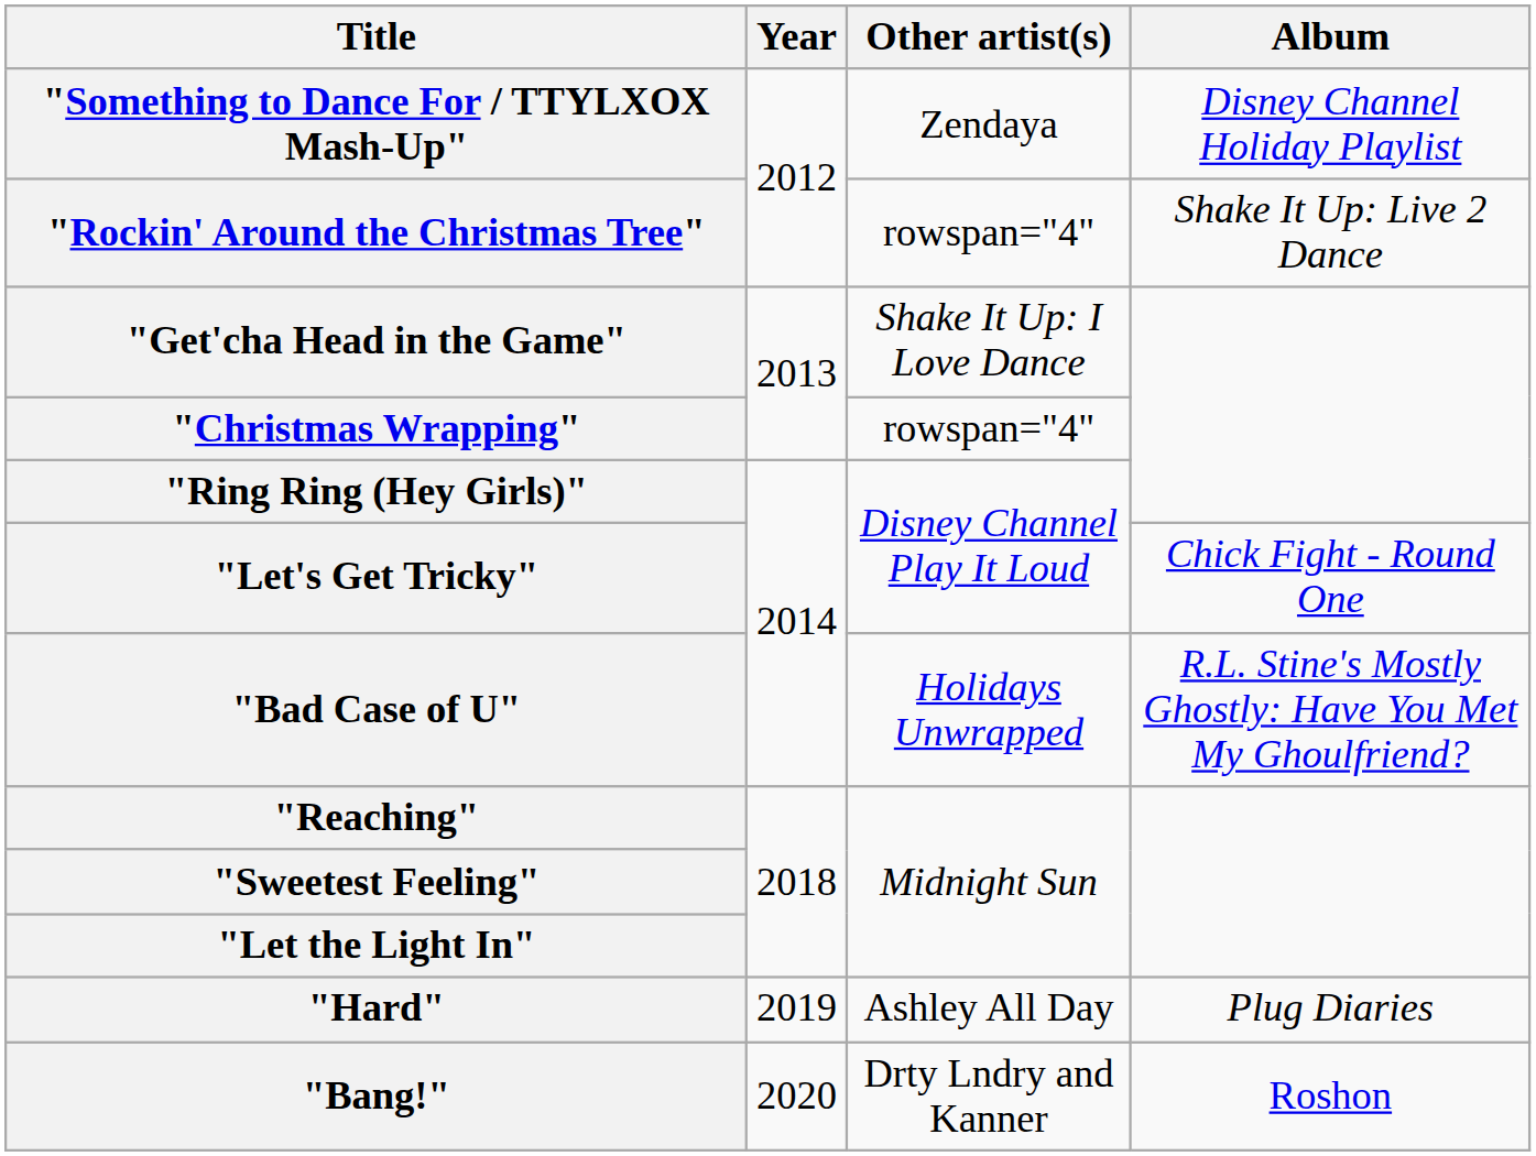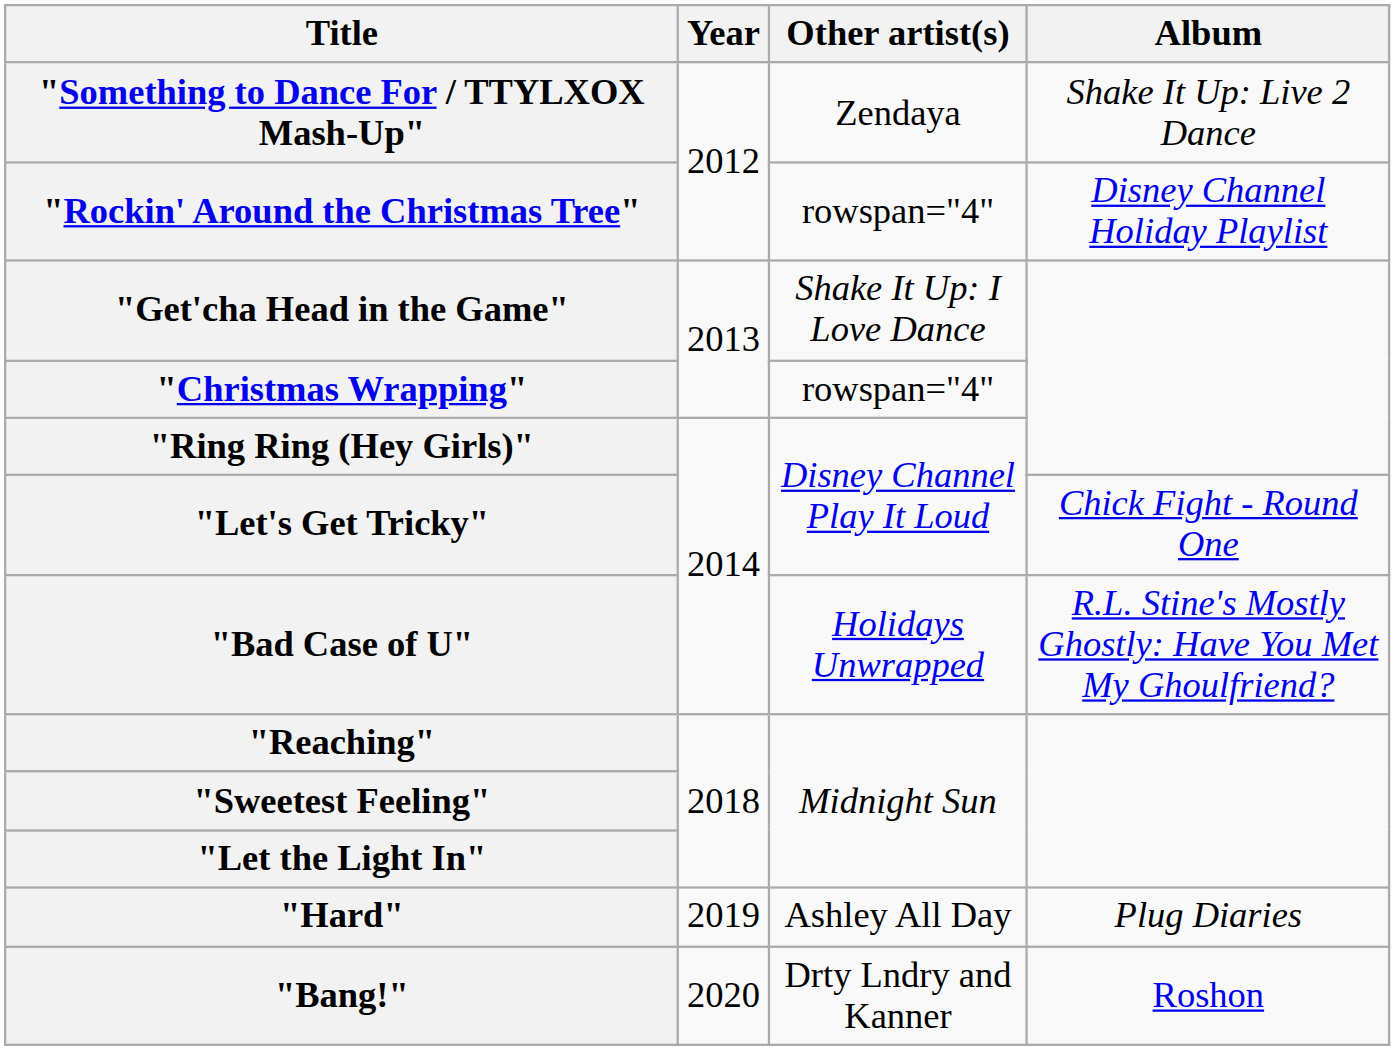 <table class="wikitable plainrowheaders" style="text-align:center;">
 <tr>
 <th scope="col" style="width:18em;">Title</th>
 <th scope="col">Year</th>
 <th scope="col">Other artist(s)</th>
 <th scope="col">Album</th>
 </tr>
 <tr>
 <th scope="row">"<a href='#'>Something to Dance For</a> / TTYLXOX Mash-Up"</th>
 <td rowspan="2">2012</td>
 <td>Zendaya</td>
-<td><em><a href='#'>Disney Channel Holiday Playlist</a></em></td>
+<td><em>Shake It Up: Live 2 Dance</em></td>
 </tr>
 <tr>
 <th scope="row">"<a href='#'>Rockin' Around the Christmas Tree</a>"</th>
 <td>rowspan="4" </td>
-<td><em>Shake It Up: Live 2 Dance</em></td>
+<td><em><a href='#'>Disney Channel Holiday Playlist</a></em></td>
 </tr>
 <tr>
 <th scope="row">"Get'cha Head in the Game"</th>
 <td rowspan="2">2013</td>
 <td><em>Shake It Up: I Love Dance</em></td>
 </tr>
 <tr>
 <th scope="row">"<a href='#'>Christmas Wrapping</a>"</th>
 <td>rowspan="4" </td>
 </tr>
 <tr>
 <th scope="row">"Ring Ring (Hey Girls)"</th>
 <td rowspan="3">2014</td>
 <td rowspan="2"><em><a href='#'>Disney Channel Play It Loud</a></em></td>
 </tr>
 <tr>
 <th scope="row">"Let's Get Tricky"</th>
 <td><em><a href='#'>Chick Fight - Round One</a></em></td>
 </tr>
 <tr>
 <th scope="row">"Bad Case of U"</th>
 <td><em><a href='#'>Holidays Unwrapped</a></em></td>
 <td><em><a href='#'>R.L. Stine's Mostly Ghostly: Have You Met My Ghoulfriend?</a></em></td>
 </tr>
 <tr>
 <th scope="row">"Reaching"</th>
 <td rowspan="3">2018</td>
 <td rowspan="3"><em>Midnight Sun</em></td>
 </tr>
 <tr>
 <th scope="row">"Sweetest Feeling"</th>
 </tr>
 <tr>
 <th scope="row">"Let the Light In"</th>
 </tr>
 <tr>
 <th scope="row">"Hard"</th>
 <td>2019</td>
 <td>Ashley All Day</td>
 <td><em>Plug Diaries</em></td>
 </tr>
 <tr>
 <th scope="row">"Bang!"</th>
 <td>2020</td>
 <td>Drty Lndry and Kanner</td>
 <td><a href='#'>Roshon</a></td>
 </tr>
 </table>
